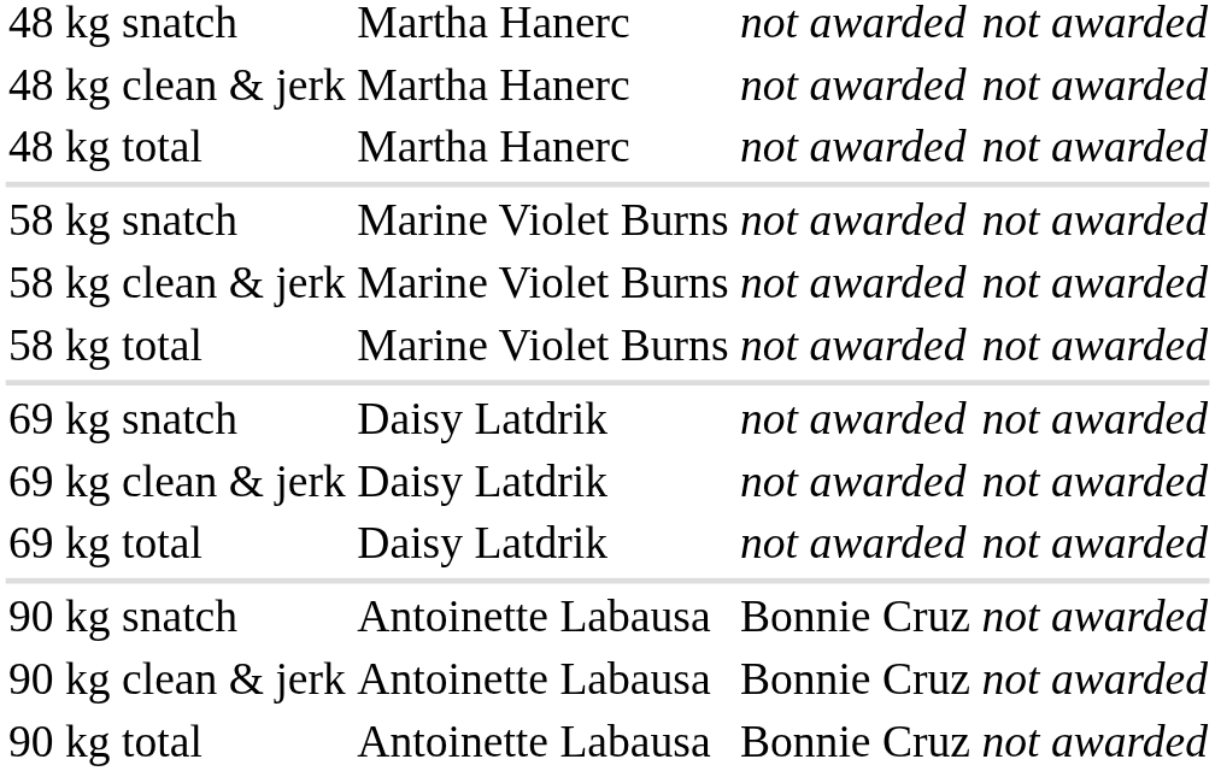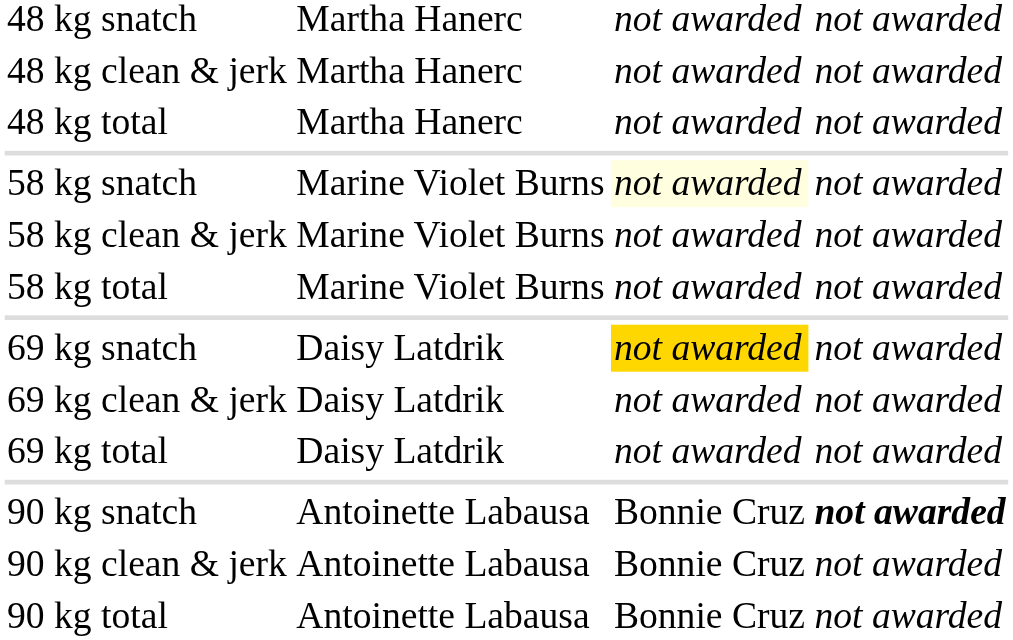 <table>
 <tr>
 <td>48 kg snatch</td>
 <td>Martha Hanerc<br></td>
 <td><em>not awarded</em></td>
 <td><em>not awarded</em></td>
 </tr>
 <tr>
 <td>48 kg clean & jerk</td>
 <td>Martha Hanerc<br></td>
 <td><em>not awarded</em></td>
 <td><em>not awarded</em></td>
 </tr>
 <tr>
 <td>48 kg total</td>
 <td>Martha Hanerc<br></td>
 <td><em>not awarded</em></td>
 <td><em>not awarded</em></td>
 </tr>
 <tr bgcolor=#dddddd>
 <td colspan=4></td>
 </tr>
 <tr>
 <td>58 kg snatch</td>
 <td>Marine Violet Burns<br></td>
-<td><em>not awarded</em></td>
+<td style="background: lightyellow;"><em>not awarded</em></td>
 <td><em>not awarded</em></td>
 </tr>
 <tr>
 <td>58 kg clean & jerk</td>
 <td>Marine Violet Burns<br></td>
 <td><em>not awarded</em></td>
 <td><em>not awarded</em></td>
 </tr>
 <tr>
 <td>58 kg total</td>
 <td>Marine Violet Burns<br></td>
 <td><em>not awarded</em></td>
 <td><em>not awarded</em></td>
 </tr>
 <tr bgcolor=#dddddd>
 <td colspan=4></td>
 </tr>
 <tr>
 <td>69 kg snatch</td>
 <td>Daisy Latdrik<br></td>
-<td><em>not awarded</em></td>
+<td style="background: gold;"><em>not awarded</em></td>
 <td><em>not awarded</em></td>
 </tr>
 <tr>
 <td>69 kg clean & jerk</td>
 <td>Daisy Latdrik<br></td>
 <td><em>not awarded</em></td>
 <td><em>not awarded</em></td>
 </tr>
 <tr>
 <td>69 kg total</td>
 <td>Daisy Latdrik<br></td>
 <td><em>not awarded</em></td>
 <td><em>not awarded</em></td>
 </tr>
 <tr bgcolor=#dddddd>
 <td colspan=4></td>
 </tr>
 <tr>
 <td>90 kg snatch</td>
 <td nowrap>Antoinette Labausa<br></td>
 <td nowrap>Bonnie Cruz<br></td>
-<td nowrap><em>not awarded</em></td>
+<td nowrap><strong><em>not awarded</em></strong></td>
 </tr>
 <tr>
 <td>90 kg clean & jerk</td>
 <td>Antoinette Labausa<br></td>
 <td>Bonnie Cruz<br></td>
 <td><em>not awarded</em></td>
 </tr>
 <tr>
 <td>90 kg total</td>
 <td>Antoinette Labausa<br></td>
 <td>Bonnie Cruz<br></td>
 <td><em>not awarded</em></td>
 </tr>
 </table>
